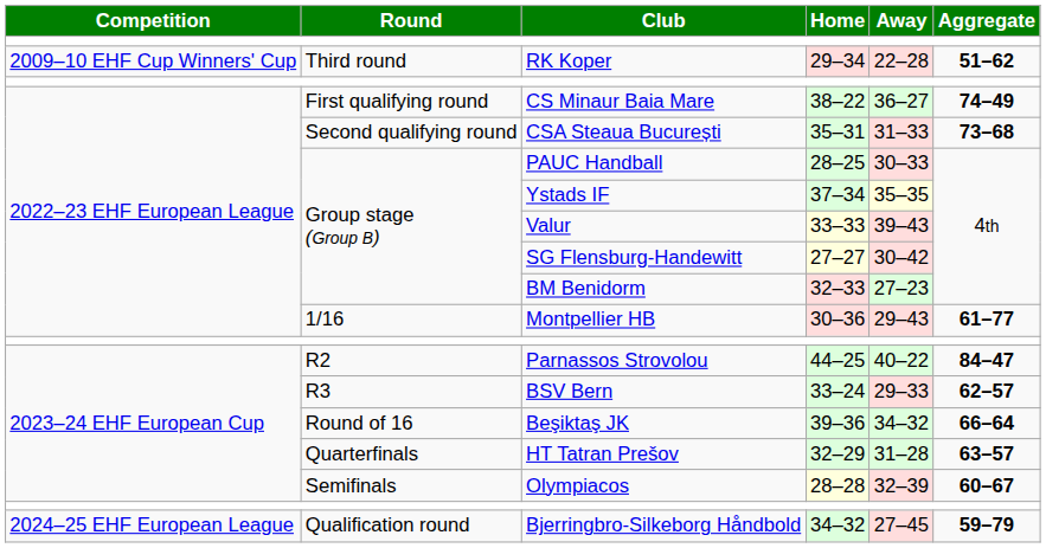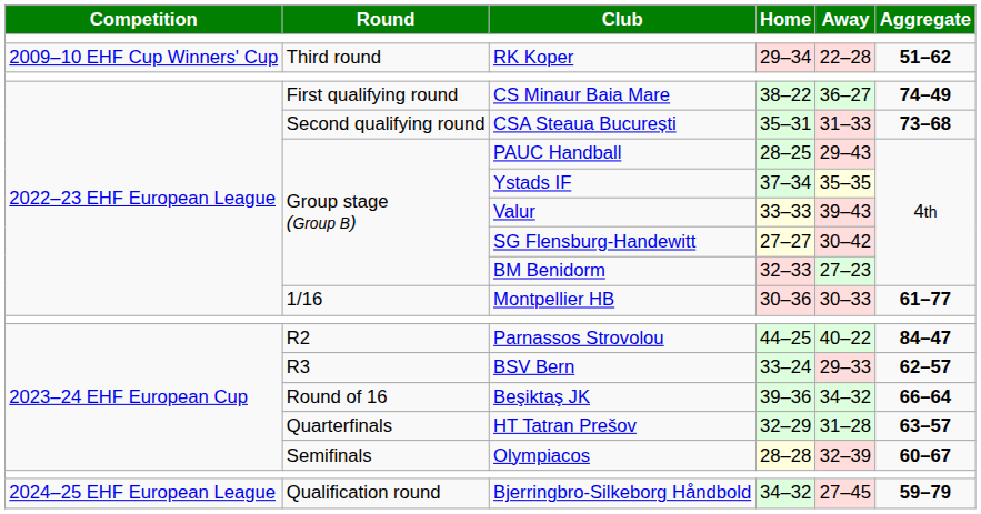 <table class="wikitable collapsible collapsed" align=center>
 <tr>
 <th style="color:#FFFFFF; background:#007F00">Competition</th>
 <th style="color:#FFFFFF; background:#007F00">Round</th>
 <th style="color:#FFFFFF; background:#007F00">Club</th>
 <th style="color:#FFFFFF; background:#007F00">Home</th>
 <th style="color:#FFFFFF; background:#007F00">Away</th>
 <th style="color:#FFFFFF; background:#007F00">Aggregate</th>
 </tr>
 <tr>
 <td colspan=7 style="text-align: center;" bgcolor=white></td>
 </tr>
 <tr>
 <td rowspan=1><a href='#'>2009–10 EHF Cup Winners' Cup</a></td>
 <td>Third round</td>
 <td> <a href='#'>RK Koper</a></td>
 <td style="text-align:center; background:#fdd;">29–34</td>
 <td style="text-align:center; background:#fdd;">22–28</td>
 <td style="text-align:center;"><strong>51–62</strong></td>
 </tr>
 <tr>
 <td colspan=7 style="text-align: center;" bgcolor=white></td>
 </tr>
 <tr>
 <td rowspan=8><a href='#'>2022–23 EHF European League</a></td>
 <td>First qualifying round</td>
 <td> <a href='#'>CS Minaur Baia Mare</a></td>
 <td style="text-align:center; background:#dfd;">38–22</td>
 <td style="text-align:center; background:#dfd;">36–27</td>
 <td style="text-align:center;"><strong>74–49</strong></td>
 </tr>
 <tr>
 <td>Second qualifying round</td>
 <td> <a href='#'>CSA Steaua București</a></td>
 <td style="text-align:center; background:#dfd;">35–31</td>
 <td style="text-align:center; background:#fdd;">31–33</td>
 <td style="text-align:center;"><strong>73–68</strong></td>
 </tr>
 <tr>
 <td rowspan="5">Group stage<br><em>(<small>Group B</small>)</em></td>
 <td> <a href='#'>PAUC Handball</a></td>
 <td style="text-align:center; background:#dfd;">28–25</td>
-<td style="text-align:center; background:#fdd;">30–33</td>
+<td style="text-align:center; background:#fdd;">29–43</td>
 <td align=center rowspan=5>4<small>th</small></td>
 </tr>
 <tr>
 <td> <a href='#'>Ystads IF</a></td>
 <td style="text-align:center; background:#dfd;">37–34</td>
 <td style="text-align:center; background:#ffd;">35–35</td>
 </tr>
 <tr>
 <td> <a href='#'>Valur</a></td>
 <td style="text-align:center; background:#ffd;">33–33</td>
 <td style="text-align:center; background:#fdd;">39–43</td>
 </tr>
 <tr>
 <td> <a href='#'>SG Flensburg-Handewitt</a></td>
 <td style="text-align:center; background:#ffd;">27–27</td>
 <td style="text-align:center; background:#fdd;">30–42</td>
 </tr>
 <tr>
 <td> <a href='#'>BM Benidorm</a></td>
 <td style="text-align:center; background:#fdd;">32–33</td>
 <td style="text-align:center; background:#dfd;">27–23</td>
 </tr>
 <tr>
 <td>1/16</td>
 <td> <a href='#'>Montpellier HB</a></td>
 <td style="text-align:center; background:#fdd;">30–36</td>
-<td style="text-align:center; background:#fdd;">29–43</td>
+<td style="text-align:center; background:#fdd;">30–33</td>
 <td style="text-align:center;"><strong>61–77</strong></td>
 </tr>
 <tr>
 <td colspan=7 style="text-align: center;" bgcolor=white></td>
 </tr>
 <tr>
 <td rowspan=5><a href='#'>2023–24 EHF European Cup</a></td>
 <td>R2</td>
 <td> <a href='#'>Parnassos Strovolou</a></td>
 <td style="text-align:center; background:#dfd;">44–25</td>
 <td style="text-align:center; background:#dfd;">40–22</td>
 <td style="text-align:center;"><strong>84–47</strong></td>
 </tr>
 <tr>
 <td>R3</td>
 <td> <a href='#'>BSV Bern</a></td>
 <td style="text-align:center; background:#dfd;">33–24</td>
 <td style="text-align:center; background:#fdd;">29–33</td>
 <td style="text-align:center;"><strong>62–57</strong></td>
 </tr>
 <tr>
 <td>Round of 16</td>
 <td> <a href='#'>Beşiktaş JK</a></td>
 <td style="text-align:center; background:#dfd;">39–36</td>
 <td style="text-align:center; background:#dfd;">34–32</td>
 <td style="text-align:center;"><strong>66–64</strong></td>
 </tr>
 <tr>
 <td>Quarterfinals</td>
 <td> <a href='#'>HT Tatran Prešov</a></td>
 <td style="text-align:center; background:#dfd;">32–29</td>
 <td style="text-align:center; background:#dfd;">31–28</td>
 <td style="text-align:center;"><strong>63–57</strong></td>
 </tr>
 <tr>
 <td>Semifinals</td>
 <td> <a href='#'>Olympiacos</a></td>
 <td style="text-align:center; background:#ffd;">28–28</td>
 <td style="text-align:center; background:#fdd;">32–39</td>
 <td style="text-align:center;"><strong>60–67</strong></td>
 </tr>
 <tr>
 <td colspan=7 style="text-align: center;" bgcolor=white></td>
 </tr>
 <tr>
 <td rowspan=1><a href='#'>2024–25 EHF European League</a></td>
 <td>Qualification round</td>
 <td> <a href='#'>Bjerringbro-Silkeborg Håndbold</a></td>
 <td style="text-align:center; background:#dfd;">34–32</td>
 <td style="text-align:center; background:#fdd;">27–45</td>
 <td style="text-align:center;"><strong>59–79</strong></td>
 </tr>
 </table>
